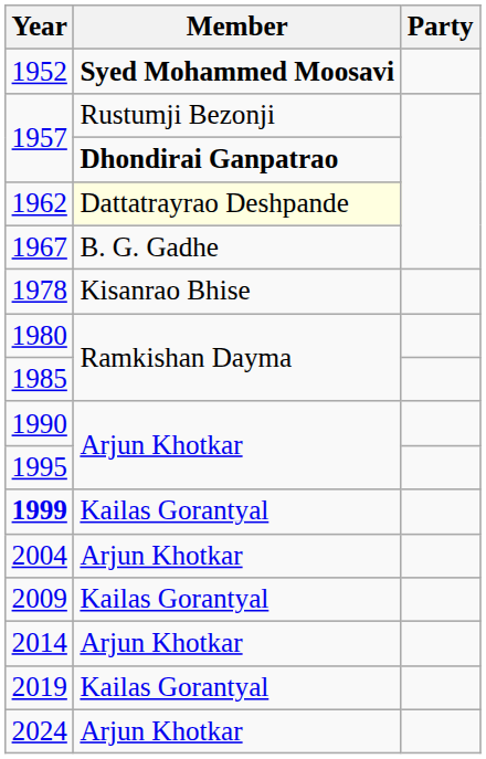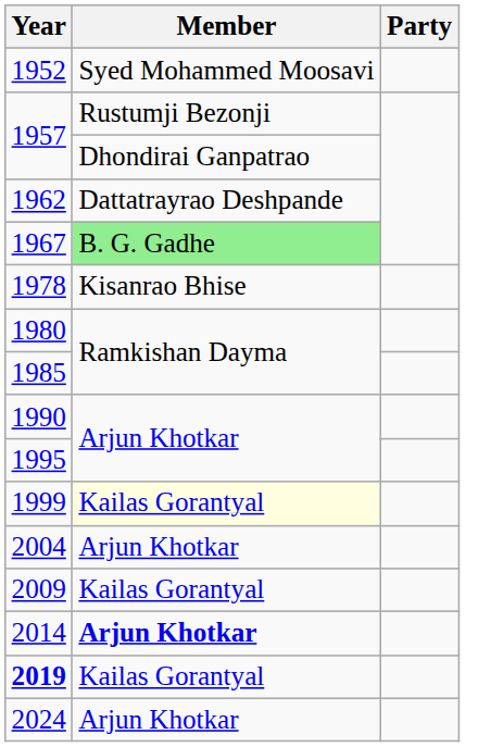 <table class="wikitable">
 <tr>
 <th>Year</th>
 <th>Member</th>
 <th colspan="2">Party</th>
 </tr>
 <tr>
 <td><a href='#'>1952</a></td>
-<td><strong>Syed Mohammed Moosavi</strong></td>
+<td>Syed Mohammed Moosavi</td>
 <td></td>
 </tr>
 <tr>
 <td ! rowspan=2><a href='#'>1957</a></td>
 <td>Rustumji Bezonji</td>
 </tr>
 <tr>
-<td><strong>Dhondirai Ganpatrao</strong></td>
+<td>Dhondirai Ganpatrao</td>
 </tr>
 <tr>
 <td><a href='#'>1962</a></td>
-<td style="background: lightyellow;">Dattatrayrao Deshpande</td>
+<td>Dattatrayrao Deshpande</td>
 </tr>
 <tr>
 <td><a href='#'>1967</a></td>
-<td>B. G. Gadhe</td>
+<td style="background: lightgreen;">B. G. Gadhe</td>
 </tr>
 <tr>
 <td><a href='#'>1978</a></td>
 <td>Kisanrao Bhise</td>
 <td></td>
 </tr>
 <tr>
 <td><a href='#'>1980</a></td>
 <td rowspan="2">Ramkishan Dayma</td>
 </tr>
 <tr>
 <td><a href='#'>1985</a></td>
 <td></td>
 </tr>
 <tr>
 <td><a href='#'>1990</a></td>
 <td ! rowspan=2><a href='#'>Arjun Khotkar</a></td>
 <td></td>
 </tr>
 <tr>
 <td><a href='#'>1995</a></td>
 </tr>
 <tr>
-<td><strong><a href='#'>1999</a></strong></td>
-<td><a href='#'>Kailas Gorantyal</a></td>
+<td><a href='#'>1999</a></td>
+<td style="background: lightyellow;"><a href='#'>Kailas Gorantyal</a></td>
 <td></td>
 </tr>
 <tr>
 <td><a href='#'>2004</a></td>
 <td><a href='#'>Arjun Khotkar</a></td>
 <td></td>
 </tr>
 <tr>
 <td><a href='#'>2009</a></td>
 <td><a href='#'>Kailas Gorantyal</a></td>
 <td></td>
 </tr>
 <tr>
 <td><a href='#'>2014</a></td>
-<td><a href='#'>Arjun Khotkar</a></td>
+<td><strong><a href='#'>Arjun Khotkar</a></strong></td>
 <td></td>
 </tr>
 <tr>
-<td><a href='#'>2019</a></td>
+<td><strong><a href='#'>2019</a></strong></td>
 <td><a href='#'>Kailas Gorantyal</a></td>
 <td></td>
 </tr>
 <tr>
 <td><a href='#'>2024</a></td>
 <td><a href='#'>Arjun Khotkar</a></td>
 <td></td>
 </tr>
 </table>
